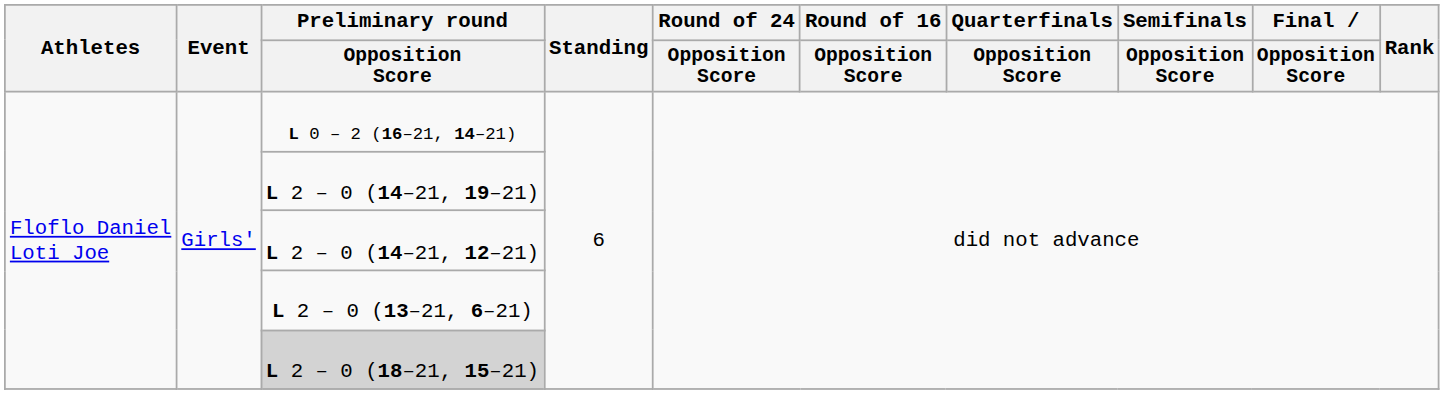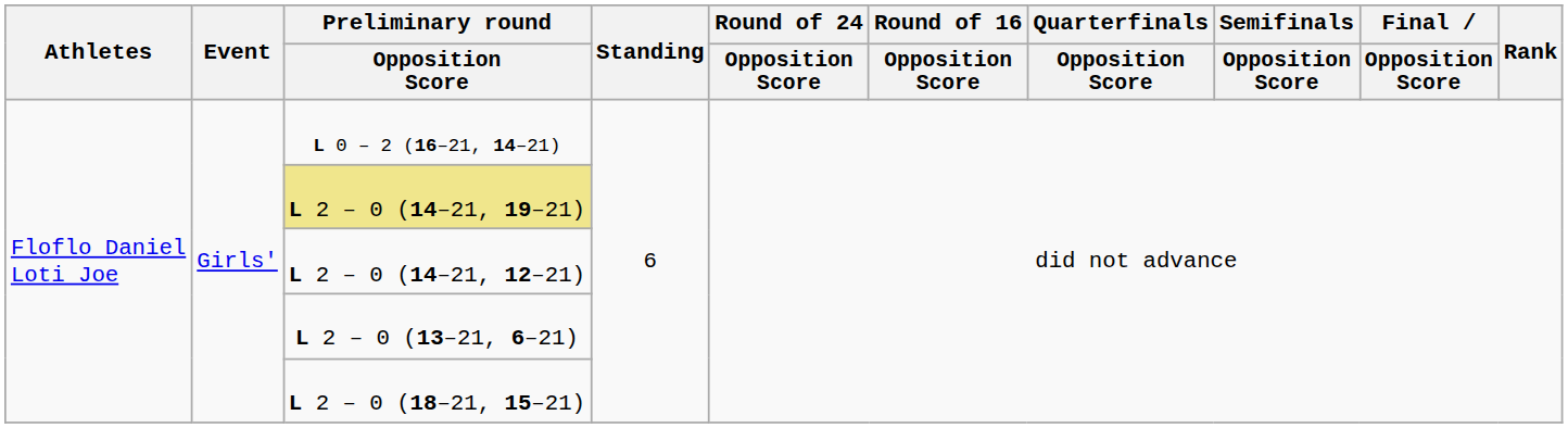 <table class=wikitable style="font-size:90%">
 <tr>
 <th rowspan="2">Athletes</th>
 <th rowspan="2">Event</th>
 <th>Preliminary round</th>
 <th rowspan="2">Standing</th>
 <th>Round of 24</th>
 <th>Round of 16</th>
 <th>Quarterfinals</th>
 <th>Semifinals</th>
 <th>Final / </th>
 <th rowspan=2>Rank</th>
 </tr>
 <tr style="font-size:95%">
 <th>Opposition<br>Score</th>
 <th>Opposition<br>Score</th>
 <th>Opposition<br>Score</th>
 <th>Opposition<br>Score</th>
 <th>Opposition<br>Score</th>
 <th>Opposition<br>Score</th>
 </tr>
 <tr align=center>
 <td align=left rowspan=5><a href='#'>Floflo Daniel</a><br><a href='#'>Loti Joe</a></td>
 <td align=left rowspan=5><a href='#'>Girls'</a></td>
 <td><small><br><strong>L</strong> 0 – 2 (<strong>16</strong>–21, <strong>14</strong>–21)</small></td>
 <td rowspan=5>6</td>
 <td rowspan=5 colspan=6>did not advance</td>
 </tr>
 <tr align=center>
-<td><small></small><br> <strong>L</strong> 2 – 0 (<strong>14</strong>–21, <strong>19</strong>–21)</td>
+<td style="background: khaki;"><small></small><br> <strong>L</strong> 2 – 0 (<strong>14</strong>–21, <strong>19</strong>–21)</td>
 </tr>
 <tr align=center>
 <td><small></small><br> <strong>L</strong> 2 – 0 (<strong>14</strong>–21, <strong>12</strong>–21)</td>
 </tr>
 <tr align=center>
 <td><small></small><br> <strong>L</strong> 2 – 0 (<strong>13</strong>–21, <strong>6</strong>–21)</td>
 </tr>
 <tr align=center>
-<td style="background: lightgrey;"><small></small><br> <strong>L</strong> 2 – 0 (<strong>18</strong>–21, <strong>15</strong>–21)</td>
+<td><small></small><br> <strong>L</strong> 2 – 0 (<strong>18</strong>–21, <strong>15</strong>–21)</td>
 </tr>
 </table>
